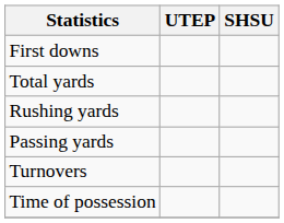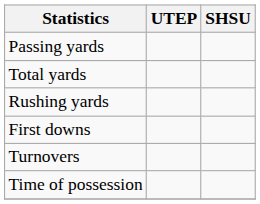 <table class="wikitable" style="float: left;">
 <tr>
 <th>Statistics</th>
 <th>UTEP</th>
 <th>SHSU</th>
 </tr>
 <tr>
-<td>First downs</td>
+<td>Passing yards</td>
 <td></td>
 <td></td>
 </tr>
 <tr>
 <td>Total yards</td>
 <td></td>
 <td></td>
 </tr>
 <tr>
 <td>Rushing yards</td>
 <td></td>
 <td></td>
 </tr>
 <tr>
-<td>Passing yards</td>
+<td>First downs</td>
 <td></td>
 <td></td>
 </tr>
 <tr>
 <td>Turnovers</td>
 <td></td>
 <td></td>
 </tr>
 <tr>
 <td>Time of possession</td>
 <td></td>
 <td></td>
 </tr>
 <tr>
 </tr>
 </table>
